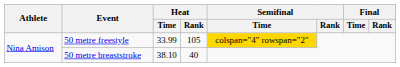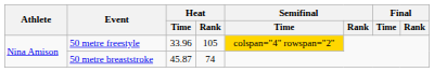 <table class="wikitable" style="text-align:center; font-size:90%; width:50%;">
 <tr>
 <th rowspan="2">Athlete</th>
 <th rowspan="2">Event</th>
 <th colspan="2">Heat</th>
 <th colspan="2">Semifinal</th>
 <th colspan="2">Final</th>
 </tr>
 <tr style="font-size:95%">
 <th>Time</th>
 <th>Rank</th>
 <th>Time</th>
 <th>Rank</th>
 <th>Time</th>
 <th>Rank</th>
 </tr>
 <tr>
 <td align=left rowspan=2><a href='#'>Nina Amison</a></td>
 <td align=left><a href='#'>50 metre freestyle</a></td>
-<td>33.99</td>
+<td>33.96</td>
 <td>105</td>
 <td style="background: gold;">colspan="4" rowspan="2" </td>
 </tr>
 <tr>
 <td align=left><a href='#'>50 metre breaststroke</a></td>
-<td>38.10</td>
-<td>40</td>
+<td>45.87</td>
+<td>74</td>
 </tr>
 </table>
